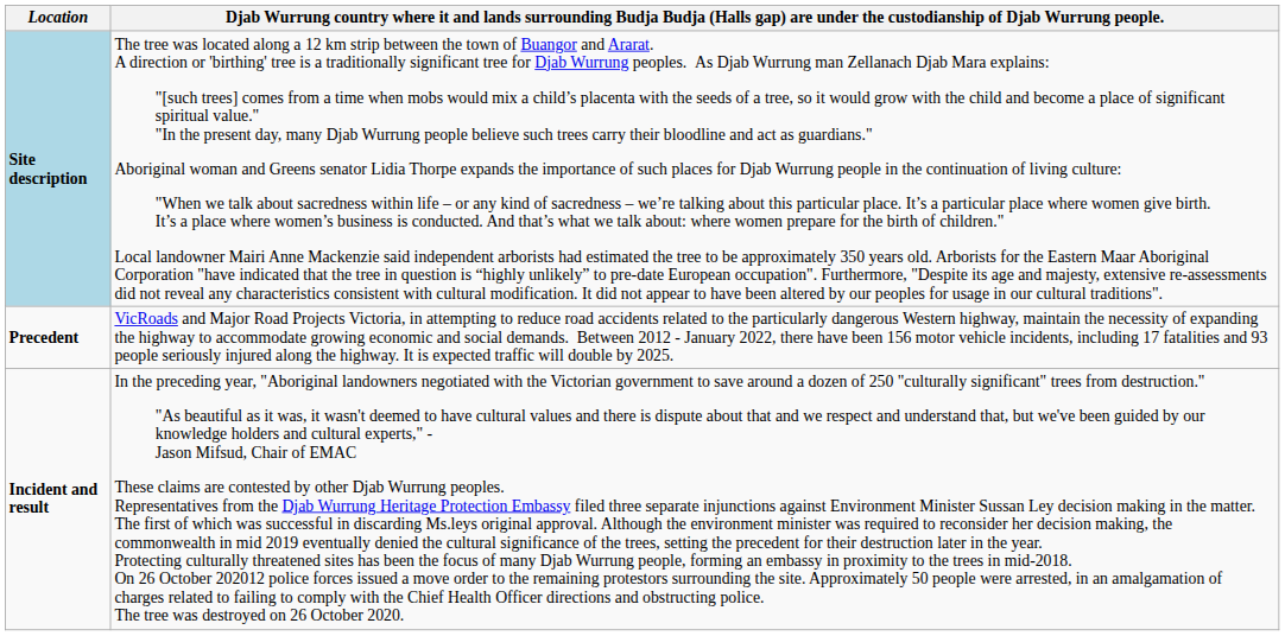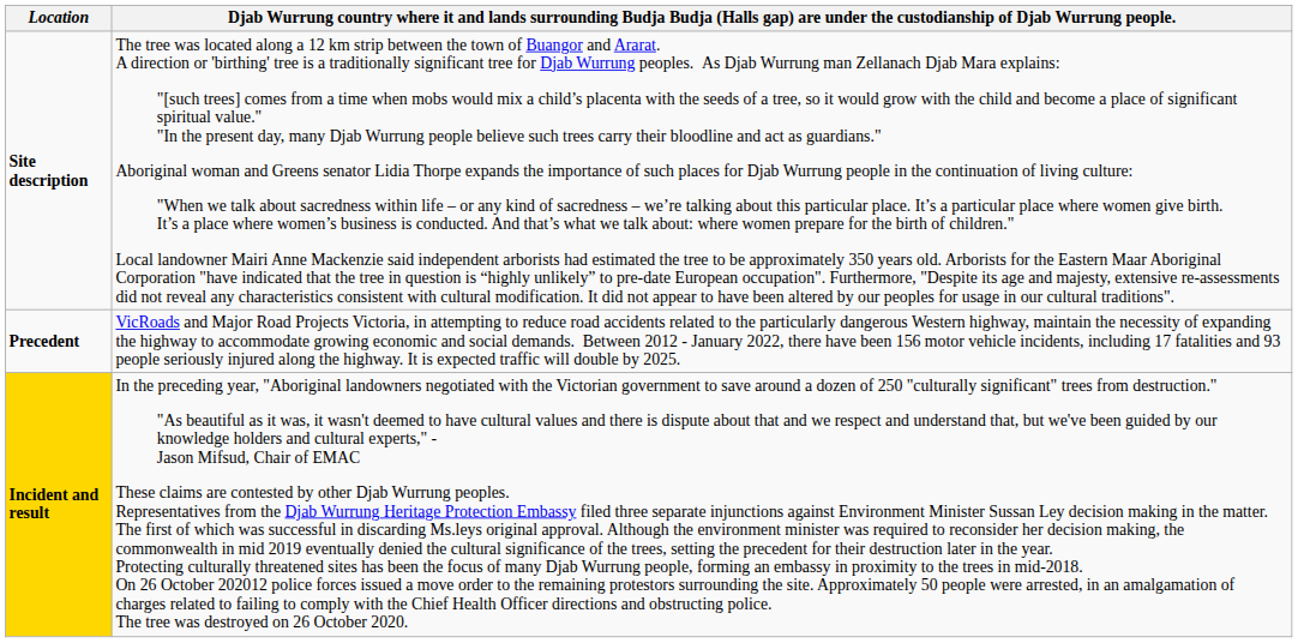 <table class="wikitable">
 <tr>
 <th><em>Location</em></th>
 <th>Djab Wurrung country where it and lands surrounding Budja Budja (Halls gap) are under the custodianship of Djab Wurrung people.</th>
 </tr>
 <tr>
-<td style="background: lightblue;"><strong>Site description</strong></td>
+<td><strong>Site description</strong></td>
 <td>The tree was located along a 12 km strip between the town of <a href='#'>Buangor</a> and <a href='#'>Ararat</a>.<br>A direction or 'birthing' tree is a traditionally significant tree for <a href='#'>Djab Wurrung</a> peoples.  As Djab Wurrung man Zellanach Djab Mara explains: <blockquote>"[such trees] comes from a time when mobs would mix a child’s placenta with the seeds of a tree, so it would grow with the child and become a place of significant spiritual value."<br>"In the present day, many Djab Wurrung people believe such trees carry their bloodline and act as guardians." </blockquote>Aboriginal woman and Greens senator Lidia Thorpe expands the importance of such places for Djab Wurrung people in the continuation of living culture: <blockquote>"When we talk about sacredness within life – or any kind of sacredness – we’re talking about this particular place. It’s a particular place where women give birth. It’s a place where women’s business is conducted. And that’s what we talk about: where women prepare for the birth of children." </blockquote>Local landowner Mairi Anne Mackenzie said independent arborists had estimated the tree to be approximately 350 years old. Arborists for the Eastern Maar Aboriginal Corporation "have indicated that the tree in question is “highly unlikely” to pre-date European occupation". Furthermore, "Despite its age and majesty, extensive re-assessments did not reveal any characteristics consistent with cultural modification. It did not appear to have been altered by our peoples for usage in our cultural traditions".</td>
 </tr>
 <tr>
 <td><strong>Precedent</strong></td>
 <td><a href='#'>VicRoads</a> and Major Road Projects Victoria, in attempting to reduce road accidents related to the particularly dangerous Western highway, maintain the necessity of expanding the highway to accommodate growing economic and social demands.  Between 2012 - January 2022, there have been 156 motor vehicle incidents, including 17 fatalities and 93 people seriously injured along the highway. It is expected traffic will double by 2025.  </td>
 </tr>
 <tr>
-<td><strong>Incident and result</strong>  </td>
+<td style="background: gold;"><strong>Incident and result</strong>  </td>
 <td>In the preceding year, "Aboriginal landowners negotiated with the Victorian government to save around a dozen of 250 "culturally significant" trees from destruction."<blockquote>"As beautiful as it was, it wasn't deemed to have cultural values and there is dispute about that and we respect and understand that, but we've been guided by our knowledge holders and cultural experts," - <br>Jason Mifsud, Chair of EMAC </blockquote>These claims are contested by other Djab Wurrung peoples.  <br>Representatives from the <a href='#'>Djab Wurrung Heritage Protection Embassy</a> filed three separate injunctions against Environment Minister Sussan Ley decision making in the matter. The first of which was successful in discarding Ms.leys original approval. Although the environment minister was required to reconsider her decision making, the commonwealth in mid 2019 eventually denied the cultural significance of the trees, setting the precedent for their destruction later in the year.<br>Protecting culturally threatened sites has been the focus of many Djab Wurrung people, forming an embassy in proximity to the trees in mid-2018.  <br>On 26 October 202012 police forces issued a move order to the remaining protestors surrounding the site. Approximately 50 people were arrested, in an amalgamation of charges related to failing to comply with the Chief Health Officer directions and obstructing police.<br>The tree was destroyed on 26 October 2020.</td>
 </tr>
 </table>
